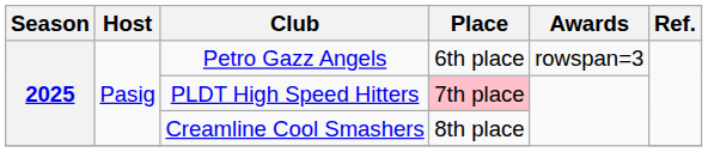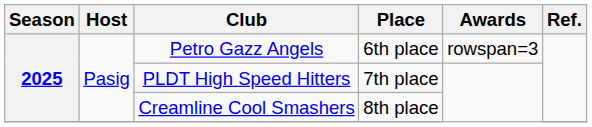 <table class=wikitable style="font-size:95%; text-align: center">
 <tr>
 <th>Season</th>
 <th>Host</th>
 <th>Club</th>
 <th>Place</th>
 <th>Awards</th>
 <th>Ref.</th>
 </tr>
 <tr>
 <th rowspan=3><a href='#'>2025</a></th>
 <td rowspan=3> <a href='#'>Pasig</a></td>
 <td><a href='#'>Petro Gazz Angels</a></td>
 <td>6th place</td>
 <td>rowspan=3 </td>
 <td rowspan=3></td>
 </tr>
 <tr>
 <td><a href='#'>PLDT High Speed Hitters</a></td>
-<td style="background: pink;">7th place</td>
+<td>7th place</td>
 </tr>
 <tr>
 <td><a href='#'>Creamline Cool Smashers</a></td>
 <td>8th place</td>
 </tr>
 <tr>
 </tr>
 </table>
